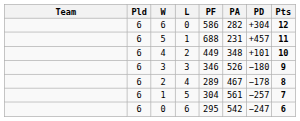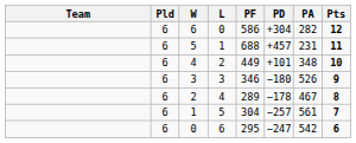 <table class=wikitable style="text-align:center">
 <tr>
 <th width=180>Team</th>
 <th width=30>Pld</th>
 <th width=30>W</th>
 <th width=30>L</th>
 <th width=30>PF</th>
+<th width=30>PD</th>
 <th width=30>PA</th>
-<th width=30>PD</th>
 <th width=30>Pts</th>
 </tr>
 <tr>
 <td align="left"></td>
 <td>6</td>
 <td>6</td>
 <td>0</td>
 <td>586</td>
+<td>+304</td>
 <td>282</td>
-<td>+304</td>
 <td><strong>12</strong></td>
 </tr>
 <tr>
 <td align="left"></td>
 <td>6</td>
 <td>5</td>
 <td>1</td>
 <td>688</td>
+<td>+457</td>
 <td>231</td>
-<td>+457</td>
 <td><strong>11</strong></td>
 </tr>
 <tr>
 <td align="left"></td>
 <td>6</td>
 <td>4</td>
 <td>2</td>
 <td>449</td>
+<td>+101</td>
 <td>348</td>
-<td>+101</td>
 <td><strong>10</strong></td>
 </tr>
 <tr>
 <td align="left"></td>
 <td>6</td>
 <td>3</td>
 <td>3</td>
 <td>346</td>
+<td>−180</td>
 <td>526</td>
-<td>−180</td>
 <td><strong>9</strong></td>
 </tr>
 <tr>
 <td align="left"></td>
 <td>6</td>
 <td>2</td>
 <td>4</td>
 <td>289</td>
+<td>−178</td>
 <td>467</td>
-<td>−178</td>
 <td><strong>8</strong></td>
 </tr>
 <tr>
 <td align="left"></td>
 <td>6</td>
 <td>1</td>
 <td>5</td>
 <td>304</td>
+<td>−257</td>
 <td>561</td>
-<td>−257</td>
 <td><strong>7</strong></td>
 </tr>
 <tr>
 <td align="left"></td>
 <td>6</td>
 <td>0</td>
 <td>6</td>
 <td>295</td>
+<td>−247</td>
 <td>542</td>
-<td>−247</td>
 <td><strong>6</strong></td>
 </tr>
 </table>
